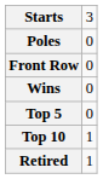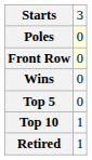 <table class="wikitable" style="text-align:center">
 <tr>
 <th>Starts</th>
 <td>3</td>
 </tr>
 <tr>
 <th>Poles</th>
-<td>0</td>
+<td style="background: lightyellow;">0</td>
 </tr>
 <tr>
 <th>Front Row</th>
-<td>0</td>
+<td style="background: lightyellow;">0</td>
 </tr>
 <tr>
 <th>Wins</th>
 <td>0</td>
 </tr>
 <tr>
 <th>Top 5</th>
 <td>0</td>
 </tr>
 <tr>
 <th>Top 10</th>
 <td>1</td>
 </tr>
 <tr>
 <th>Retired</th>
 <td>1</td>
 </tr>
 </table>
